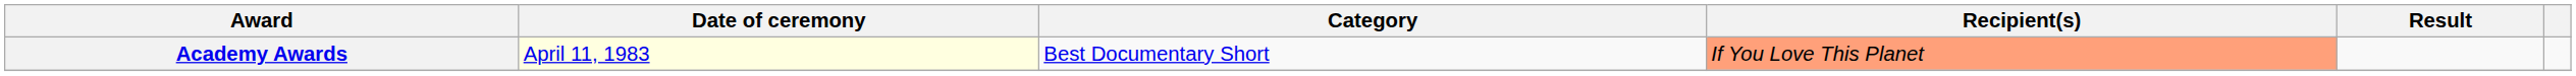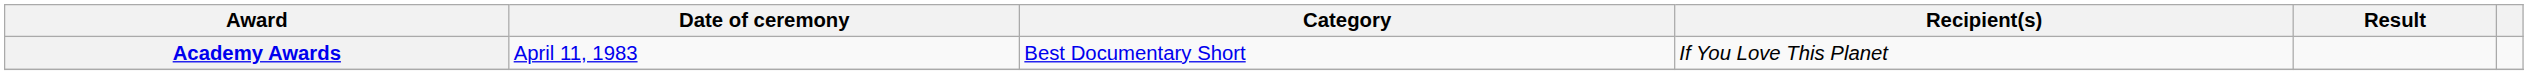 <table class="wikitable sortable plainrowheaders" style="width: 100%;">
 <tr>
 <th scope="col">Award</th>
 <th scope="col">Date of ceremony</th>
 <th scope="col">Category</th>
 <th scope="col">Recipient(s)</th>
 <th scope="col">Result</th>
 <th scope="col" class="unsortable"></th>
 </tr>
 <tr>
 <th rowspan="1" scope="row"><a href='#'>Academy Awards</a></th>
-<td style="background: lightyellow;"><a href='#'>April 11, 1983</a></td>
+<td><a href='#'>April 11, 1983</a></td>
 <td><a href='#'>Best Documentary Short</a></td>
-<td style="background: lightsalmon;"><em>If You Love This Planet</em></td>
+<td><em>If You Love This Planet</em></td>
 <td></td>
 <td></td>
 </tr>
 <tr>
 </tr>
 </table>
